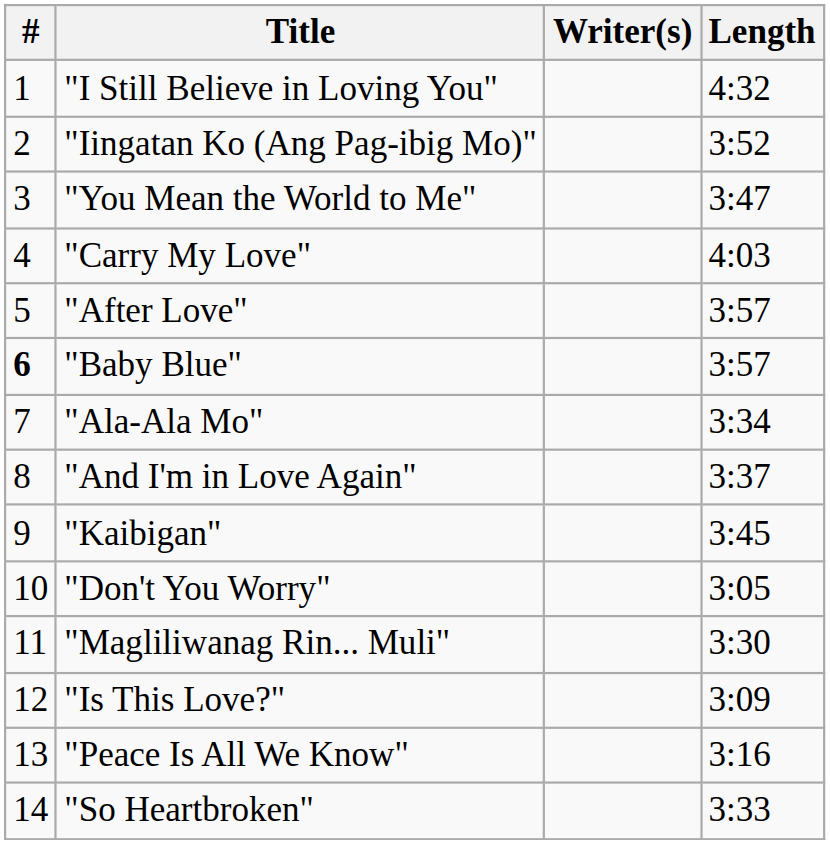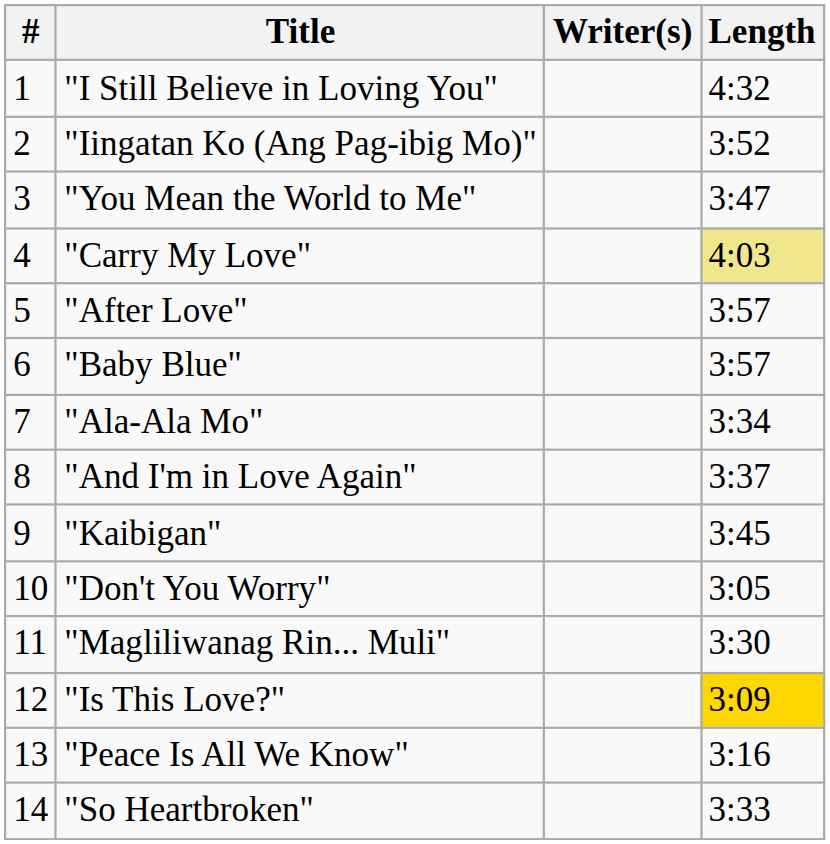 <table class="wikitable">
 <tr>
 <th>#</th>
 <th>Title</th>
 <th>Writer(s)</th>
 <th>Length</th>
 </tr>
 <tr>
 <td>1</td>
 <td>"I Still Believe in Loving You"</td>
 <td></td>
 <td>4:32</td>
 </tr>
 <tr>
 <td>2</td>
 <td>"Iingatan Ko (Ang Pag-ibig Mo)"</td>
 <td></td>
 <td>3:52</td>
 </tr>
 <tr>
 <td>3</td>
 <td>"You Mean the World to Me"</td>
 <td></td>
 <td>3:47</td>
 </tr>
 <tr>
 <td>4</td>
 <td>"Carry My Love"</td>
 <td></td>
-<td>4:03</td>
+<td style="background: khaki;">4:03</td>
 </tr>
 <tr>
 <td>5</td>
 <td>"After Love"</td>
 <td></td>
 <td>3:57</td>
 </tr>
 <tr>
-<td><strong>6</strong></td>
+<td>6</td>
 <td>"Baby Blue"</td>
 <td></td>
 <td>3:57</td>
 </tr>
 <tr>
 <td>7</td>
 <td>"Ala-Ala Mo"</td>
 <td></td>
 <td>3:34</td>
 </tr>
 <tr>
 <td>8</td>
 <td>"And I'm in Love Again"</td>
 <td></td>
 <td>3:37</td>
 </tr>
 <tr>
 <td>9</td>
 <td>"Kaibigan"</td>
 <td></td>
 <td>3:45</td>
 </tr>
 <tr>
 <td>10</td>
 <td>"Don't You Worry"</td>
 <td></td>
 <td>3:05</td>
 </tr>
 <tr>
 <td>11</td>
 <td>"Magliliwanag Rin... Muli"</td>
 <td></td>
 <td>3:30</td>
 </tr>
 <tr>
 <td>12</td>
 <td>"Is This Love?"</td>
 <td></td>
-<td>3:09</td>
+<td style="background: gold;">3:09</td>
 </tr>
 <tr>
 <td>13</td>
 <td>"Peace Is All We Know"</td>
 <td></td>
 <td>3:16</td>
 </tr>
 <tr>
 <td>14</td>
 <td>"So Heartbroken"</td>
 <td></td>
 <td>3:33</td>
 </tr>
 <tr>
 </tr>
 </table>
